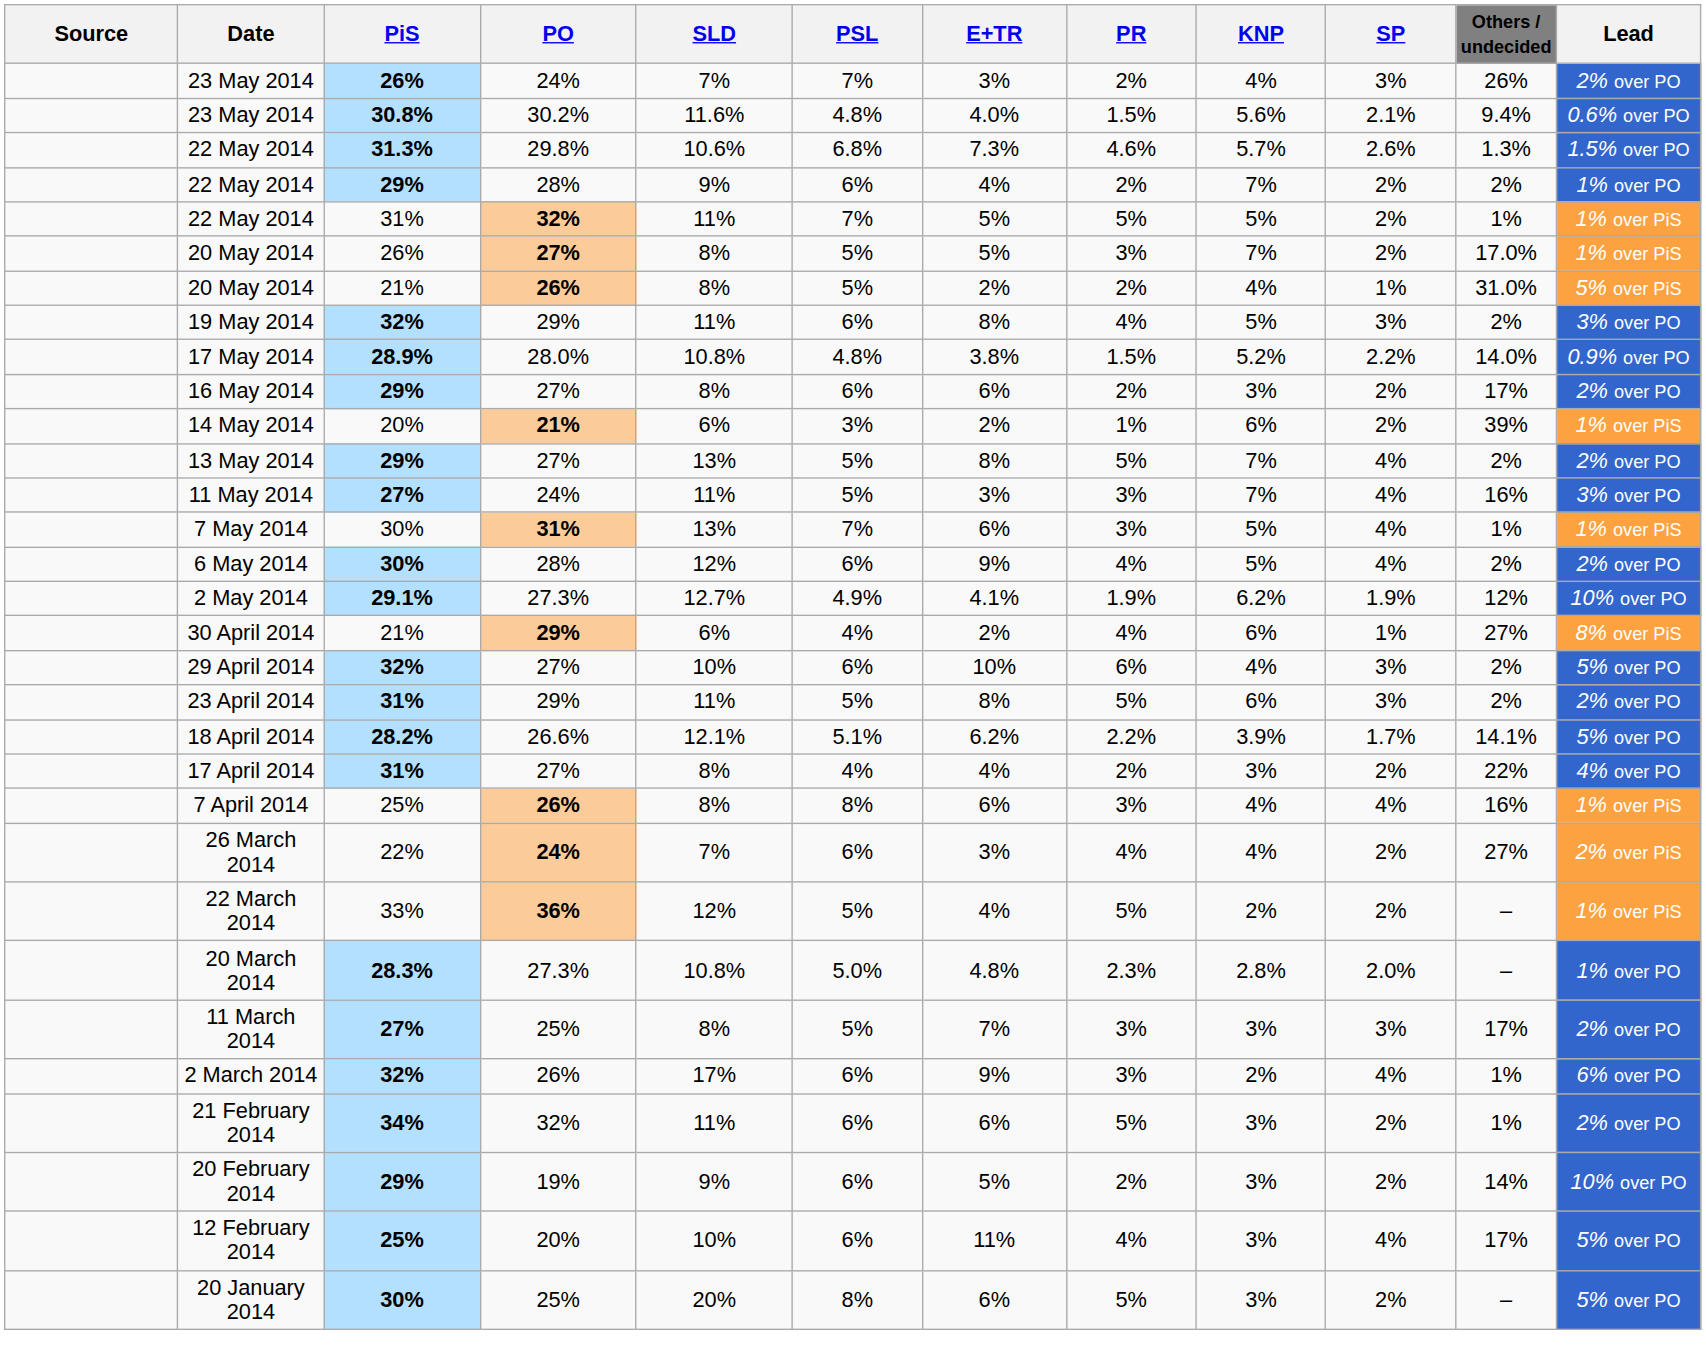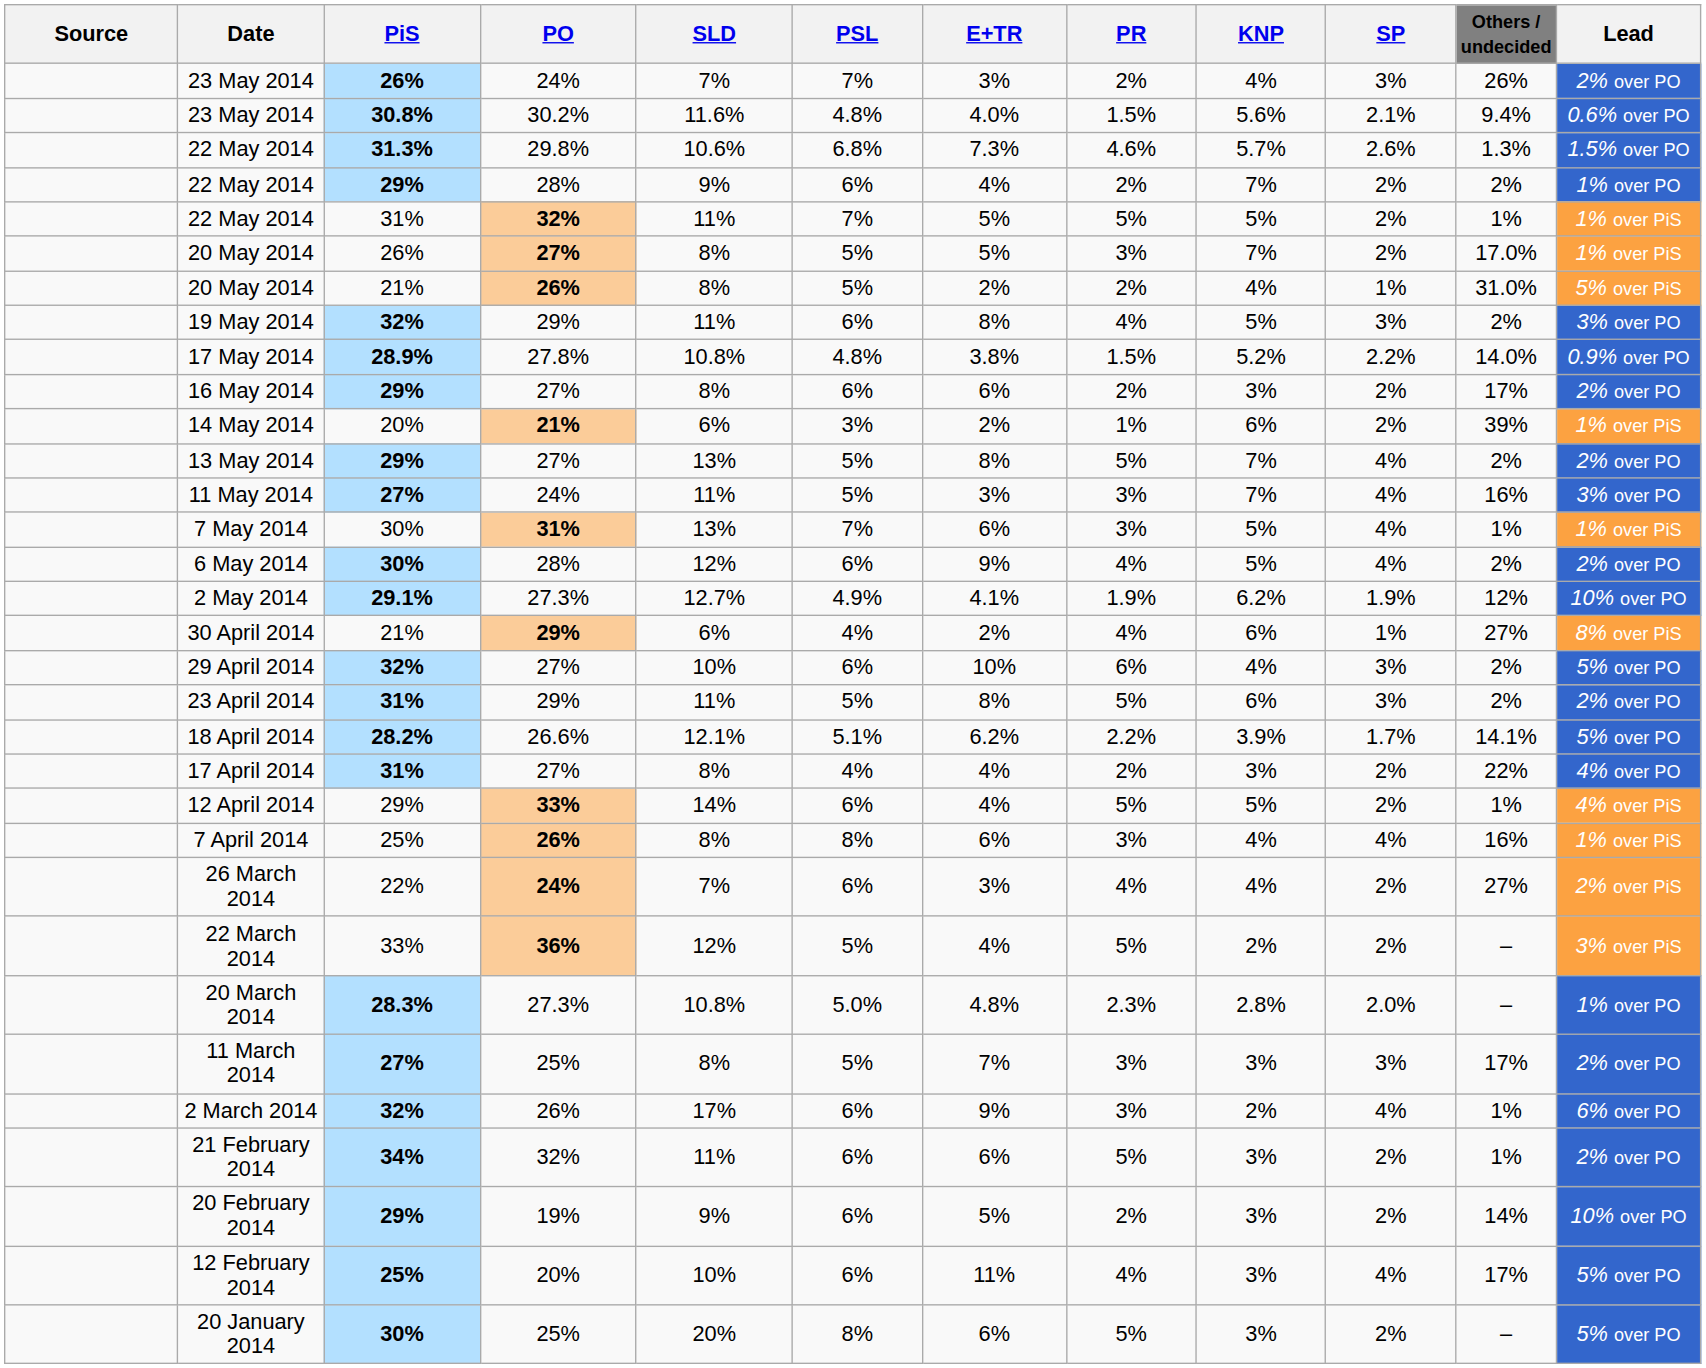 <table class="wikitable sortable">
 <tr>
 <th style="width:120px;">Source</th>
 <th style="width:100px;">Date</th>
 <th class="unsortable" style="background:"><a href='#'><span>PiS</span></a></th>
 <th class="unsortable" style="background:"><a href='#'><span>PO</span></a></th>
 <th class="unsortable" style="background:"><a href='#'><span>SLD</span></a></th>
 <th class="unsortable" style="background:"><a href='#'><span>PSL</span></a></th>
 <th class="unsortable" style="background:"><a href='#'><span>E+TR</span></a></th>
 <th class="unsortable" style="background:"><a href='#'><span>PR</span></a></th>
 <th class="unsortable" style="background:"><a href='#'><span>KNP</span></a></th>
 <th class="unsortable" style="background:"><a href='#'><span>SP</span></a></th>
 <th class="unsortable" style="background:gray; width:5.5%;"><span><small>Others / undecided</small></span></th>
 <th class="unsortable" style="width:8.5%;">Lead</th>
 </tr>
 <tr align=center>
 <td align=left></td>
 <td>23 May 2014</td>
 <td style="background:#b3e0ff;"><strong>26%</strong></td>
 <td>24%</td>
 <td>7%</td>
 <td>7%</td>
 <td>3%</td>
 <td>2%</td>
 <td>4%</td>
 <td>3%</td>
 <td>26%</td>
 <td style="background:#36c; color:white;"><em>2%</em> <small>over PO</small></td>
 </tr>
 <tr align=center>
 <td align=left></td>
 <td>23 May 2014</td>
 <td style="background:#b3e0ff;"><strong>30.8%</strong></td>
 <td>30.2%</td>
 <td>11.6%</td>
 <td>4.8%</td>
 <td>4.0%</td>
 <td>1.5%</td>
 <td>5.6%</td>
 <td>2.1%</td>
 <td>9.4%</td>
 <td style="background:#36c; color:white;"><em>0.6%</em> <small>over PO</small></td>
 </tr>
 <tr align=center>
 <td align=left></td>
 <td>22 May 2014</td>
 <td style="background:#b3e0ff;"><strong>31.3%</strong></td>
 <td>29.8%</td>
 <td>10.6%</td>
 <td>6.8%</td>
 <td>7.3%</td>
 <td>4.6%</td>
 <td>5.7%</td>
 <td>2.6%</td>
 <td>1.3%</td>
 <td style="background:#36c; color:white;"><em>1.5%</em> <small>over PO</small></td>
 </tr>
 <tr align=center>
 <td align=left></td>
 <td>22 May 2014</td>
 <td style="background:#b3e0ff;"><strong>29%</strong></td>
 <td>28%</td>
 <td>9%</td>
 <td>6%</td>
 <td>4%</td>
 <td>2%</td>
 <td>7%</td>
 <td>2%</td>
 <td>2%</td>
 <td style="background:#36c; color:white;"><em>1%</em> <small>over PO</small></td>
 </tr>
 <tr align=center>
 <td align=left></td>
 <td>22 May 2014</td>
 <td>31%</td>
 <td style="background:#fbcc99;"><strong>32%</strong></td>
 <td>11%</td>
 <td>7%</td>
 <td>5%</td>
 <td>5%</td>
 <td>5%</td>
 <td>2%</td>
 <td>1%</td>
 <td style="background:#FCA241; color:white;"><em>1%</em> <small>over PiS</small></td>
 </tr>
 <tr align=center>
 <td align=left></td>
 <td>20 May 2014</td>
 <td>26%</td>
 <td style="background:#fbcc99;"><strong>27%</strong></td>
 <td>8%</td>
 <td>5%</td>
 <td>5%</td>
 <td>3%</td>
 <td>7%</td>
 <td>2%</td>
 <td>17.0%</td>
 <td style="background:#FCA241; color:white;"><em>1%</em> <small>over PiS</small></td>
 </tr>
 <tr align=center>
 <td align=left></td>
 <td>20 May 2014</td>
 <td>21%</td>
 <td style="background:#fbcc99;"><strong>26%</strong></td>
 <td>8%</td>
 <td>5%</td>
 <td>2%</td>
 <td>2%</td>
 <td>4%</td>
 <td>1%</td>
 <td>31.0%</td>
 <td style="background:#FCA241; color:white;"><em>5%</em> <small>over PiS</small></td>
 </tr>
 <tr align=center>
 <td align=left></td>
 <td>19 May 2014</td>
 <td style="background:#b3e0ff;"><strong>32%</strong></td>
 <td>29%</td>
 <td>11%</td>
 <td>6%</td>
 <td>8%</td>
 <td>4%</td>
 <td>5%</td>
 <td>3%</td>
 <td>2%</td>
 <td style="background:#36c; color:white;"><em>3%</em> <small>over PO</small></td>
 </tr>
 <tr align=center>
 <td align=left></td>
 <td>17 May 2014</td>
 <td style="background:#b3e0ff;"><strong>28.9%</strong></td>
-<td>28.0%</td>
+<td>27.8%</td>
 <td>10.8%</td>
 <td>4.8%</td>
 <td>3.8%</td>
 <td>1.5%</td>
 <td>5.2%</td>
 <td>2.2%</td>
 <td>14.0%</td>
 <td style="background:#36c; color:white;"><em>0.9%</em> <small>over PO</small></td>
 </tr>
 <tr align=center>
 <td align=left></td>
 <td>16 May 2014</td>
 <td style="background:#b3e0ff;"><strong>29%</strong></td>
 <td>27%</td>
 <td>8%</td>
 <td>6%</td>
 <td>6%</td>
 <td>2%</td>
 <td>3%</td>
 <td>2%</td>
 <td>17%</td>
 <td style="background:#36c; color:white;"><em>2%</em> <small>over PO</small></td>
 </tr>
 <tr align=center>
 <td align=left></td>
 <td>14 May 2014</td>
 <td>20%</td>
 <td style="background:#fbcc99;"><strong>21%</strong></td>
 <td>6%</td>
 <td>3%</td>
 <td>2%</td>
 <td>1%</td>
 <td>6%</td>
 <td>2%</td>
 <td>39%</td>
 <td style="background:#FCA241; color:white;"><em>1%</em> <small>over PiS</small></td>
 </tr>
 <tr align=center>
 <td align=left></td>
 <td>13 May 2014</td>
 <td style="background:#b3e0ff;"><strong>29%</strong></td>
 <td>27%</td>
 <td>13%</td>
 <td>5%</td>
 <td>8%</td>
 <td>5%</td>
 <td>7%</td>
 <td>4%</td>
 <td>2%</td>
 <td style="background:#36c; color:white;"><em>2%</em> <small>over PO</small></td>
 </tr>
 <tr align=center>
 <td align=left></td>
 <td>11 May 2014</td>
 <td style="background:#b3e0ff;"><strong>27%</strong></td>
 <td>24%</td>
 <td>11%</td>
 <td>5%</td>
 <td>3%</td>
 <td>3%</td>
 <td>7%</td>
 <td>4%</td>
 <td>16%</td>
 <td style="background:#36c; color:white;"><em>3%</em> <small>over PO</small></td>
 </tr>
 <tr align=center>
 <td align=left> </td>
 <td>7 May 2014</td>
 <td>30%</td>
 <td style="background:#fbcc99;"><strong>31%</strong></td>
 <td>13%</td>
 <td>7%</td>
 <td>6%</td>
 <td>3%</td>
 <td>5%</td>
 <td>4%</td>
 <td>1%</td>
 <td style="background:#FCA241; color:white;"><em>1%</em> <small>over PiS</small></td>
 </tr>
 <tr align=center>
 <td align=left></td>
 <td>6 May 2014</td>
 <td style="background:#b3e0ff;"><strong>30%</strong></td>
 <td>28%</td>
 <td>12%</td>
 <td>6%</td>
 <td>9%</td>
 <td>4%</td>
 <td>5%</td>
 <td>4%</td>
 <td>2%</td>
 <td style="background:#36c; color:white;"><em>2%</em> <small>over PO</small></td>
 </tr>
 <tr align=center>
 <td align=left></td>
 <td>2 May 2014</td>
 <td style="background:#b3e0ff;"><strong>29.1%</strong></td>
 <td>27.3%</td>
 <td>12.7%</td>
 <td>4.9%</td>
 <td>4.1%</td>
 <td>1.9%</td>
 <td>6.2%</td>
 <td>1.9%</td>
 <td>12%</td>
 <td style="background:#36c; color:white;"><em>10%</em> <small>over PO</small></td>
 </tr>
 <tr align=center>
 <td align=left></td>
 <td>30 April 2014</td>
 <td>21%</td>
 <td style="background:#fbcc99;"><strong>29%</strong></td>
 <td>6%</td>
 <td>4%</td>
 <td>2%</td>
 <td>4%</td>
 <td>6%</td>
 <td>1%</td>
 <td>27%</td>
 <td style="background:#FCA241; color:white;"><em>8%</em> <small>over PiS</small></td>
 </tr>
 <tr align=center>
 <td align=left></td>
 <td>29 April 2014</td>
 <td style="background:#b3e0ff;"><strong>32%</strong></td>
 <td>27%</td>
 <td>10%</td>
 <td>6%</td>
 <td>10%</td>
 <td>6%</td>
 <td>4%</td>
 <td>3%</td>
 <td>2%</td>
 <td style="background:#36c; color:white;"><em>5%</em> <small>over PO</small></td>
 </tr>
 <tr align=center>
 <td align=left></td>
 <td>23 April 2014</td>
 <td style="background:#b3e0ff;"><strong>31%</strong></td>
 <td>29%</td>
 <td>11%</td>
 <td>5%</td>
 <td>8%</td>
 <td>5%</td>
 <td>6%</td>
 <td>3%</td>
 <td>2%</td>
 <td style="background:#36c; color:white;"><em>2%</em> <small>over PO</small></td>
 </tr>
 <tr align=center>
 <td align=left></td>
 <td>18 April 2014</td>
 <td style="background:#b3e0ff;"><strong>28.2%</strong></td>
 <td>26.6%</td>
 <td>12.1%</td>
 <td>5.1%</td>
 <td>6.2%</td>
 <td>2.2%</td>
 <td>3.9%</td>
 <td>1.7%</td>
 <td>14.1%</td>
 <td style="background:#36c; color:white;"><em>5%</em> <small>over PO</small></td>
 </tr>
 <tr align=center>
 <td align=left></td>
 <td>17 April 2014</td>
 <td style="background:#b3e0ff;"><strong>31%</strong></td>
 <td>27%</td>
 <td>8%</td>
 <td>4%</td>
 <td>4%</td>
 <td>2%</td>
 <td>3%</td>
 <td>2%</td>
 <td>22%</td>
 <td style="background:#36c; color:white;"><em>4%</em> <small>over PO</small></td>
 </tr>
 <tr align=center>
 <td align=left></td>
+<td>12 April 2014</td>
+<td>29%</td>
+<td style="background:#fbcc99;"><strong>33%</strong></td>
+<td>14%</td>
+<td>6%</td>
+<td>4%</td>
+<td>5%</td>
+<td>5%</td>
+<td>2%</td>
+<td>1%</td>
+<td style="background:#FCA241; color:white;"><em>4%</em> <small>over PiS</small></td>
+</tr>
+<tr align=center>
+<td align=left></td>
 <td>7 April 2014</td>
 <td>25%</td>
 <td style="background:#fbcc99;"><strong>26%</strong></td>
 <td>8%</td>
 <td>8%</td>
 <td>6%</td>
 <td>3%</td>
 <td>4%</td>
 <td>4%</td>
 <td>16%</td>
 <td style="background:#FCA241; color:white;"><em>1%</em> <small>over PiS</small></td>
 </tr>
 <tr align=center>
 <td align=left></td>
 <td>26 March 2014</td>
 <td>22%</td>
 <td style="background:#fbcc99;"><strong>24%</strong></td>
 <td>7%</td>
 <td>6%</td>
 <td>3%</td>
 <td>4%</td>
 <td>4%</td>
 <td>2%</td>
 <td>27%</td>
 <td style="background:#FCA241; color:white;"><em>2%</em> <small>over PiS</small></td>
 </tr>
 <tr align=center>
 <td align=left></td>
 <td>22 March 2014</td>
 <td>33%</td>
 <td style="background:#fbcc99;"><strong>36%</strong></td>
 <td>12%</td>
 <td>5%</td>
 <td>4%</td>
 <td>5%</td>
 <td>2%</td>
 <td>2%</td>
 <td>–</td>
-<td style="background:#FCA241; color:white;"><em>1%</em> <small>over PiS</small></td>
+<td style="background:#FCA241; color:white;"><em>3%</em> <small>over PiS</small></td>
 </tr>
 <tr align=center>
 <td align=left></td>
 <td>20 March 2014</td>
 <td style="background:#b3e0ff;"><strong>28.3%</strong></td>
 <td>27.3%</td>
 <td>10.8%</td>
 <td>5.0%</td>
 <td>4.8%</td>
 <td>2.3%</td>
 <td>2.8%</td>
 <td>2.0%</td>
 <td>–</td>
 <td style="background:#36c; color:white;"><em>1%</em> <small>over PO</small></td>
 </tr>
 <tr align=center>
 <td align=left></td>
 <td>11 March 2014</td>
 <td style="background:#b3e0ff;"><strong>27%</strong></td>
 <td>25%</td>
 <td>8%</td>
 <td>5%</td>
 <td>7%</td>
 <td>3%</td>
 <td>3%</td>
 <td>3%</td>
 <td>17%</td>
 <td style="background:#36c; color:white;"><em>2%</em> <small>over PO</small></td>
 </tr>
 <tr align=center>
 <td align=left> </td>
 <td>2 March 2014</td>
 <td style="background:#b3e0ff;"><strong>32%</strong></td>
 <td>26%</td>
 <td>17%</td>
 <td>6%</td>
 <td>9%</td>
 <td>3%</td>
 <td>2%</td>
 <td>4%</td>
 <td>1%</td>
 <td style="background:#36c; color:white;"><em>6%</em> <small>over PO</small></td>
 </tr>
 <tr align=center>
 <td align=left></td>
 <td>21 February 2014</td>
 <td style="background:#b3e0ff;"><strong>34%</strong></td>
 <td>32%</td>
 <td>11%</td>
 <td>6%</td>
 <td>6%</td>
 <td>5%</td>
 <td>3%</td>
 <td>2%</td>
 <td>1%</td>
 <td style="background:#36c; color:white;"><em>2%</em> <small>over PO</small></td>
 </tr>
 <tr align=center>
 <td align=left></td>
 <td>20 February 2014</td>
 <td style="background:#b3e0ff;"><strong>29%</strong></td>
 <td>19%</td>
 <td>9%</td>
 <td>6%</td>
 <td>5%</td>
 <td>2%</td>
 <td>3%</td>
 <td>2%</td>
 <td>14%</td>
 <td style="background:#36c; color:white;"><em>10%</em> <small>over PO</small></td>
 </tr>
 <tr align=center>
 <td align=left></td>
 <td>12 February 2014</td>
 <td style="background:#b3e0ff;"><strong>25%</strong></td>
 <td>20%</td>
 <td>10%</td>
 <td>6%</td>
 <td>11%</td>
 <td>4%</td>
 <td>3%</td>
 <td>4%</td>
 <td>17%</td>
 <td style="background:#36c; color:white;"><em>5%</em> <small>over PO</small></td>
 </tr>
 <tr align=center>
 <td align=left></td>
 <td>20 January 2014</td>
 <td style="background:#b3e0ff;"><strong>30%</strong></td>
 <td>25%</td>
 <td>20%</td>
 <td>8%</td>
 <td>6%</td>
 <td>5%</td>
 <td>3%</td>
 <td>2%</td>
 <td>–</td>
 <td style="background:#36c; color:white;"><em>5%</em> <small>over PO</small></td>
 </tr>
 </table>
